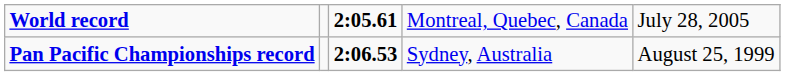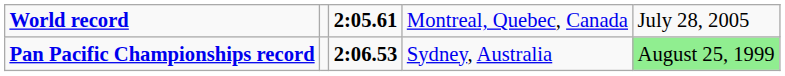 <table class="wikitable">
 <tr>
 <td><strong><a href='#'>World record</a></strong></td>
 <td></td>
 <td><strong>2:05.61</strong></td>
 <td><a href='#'>Montreal, Quebec</a>, <a href='#'>Canada</a></td>
 <td>July 28, 2005</td>
 </tr>
 <tr>
 <td><strong><a href='#'>Pan Pacific Championships record</a></strong></td>
 <td></td>
 <td><strong>2:06.53</strong></td>
 <td><a href='#'>Sydney</a>, <a href='#'>Australia</a></td>
-<td>August 25, 1999</td>
+<td style="background: lightgreen;">August 25, 1999</td>
 </tr>
 </table>
